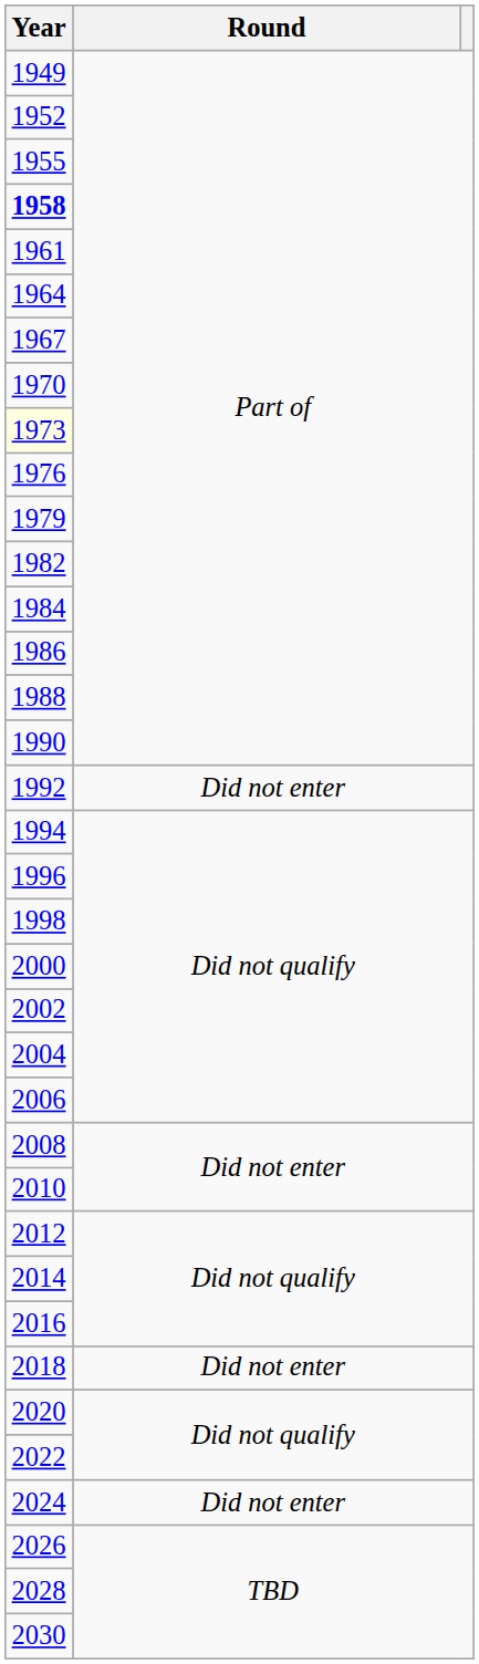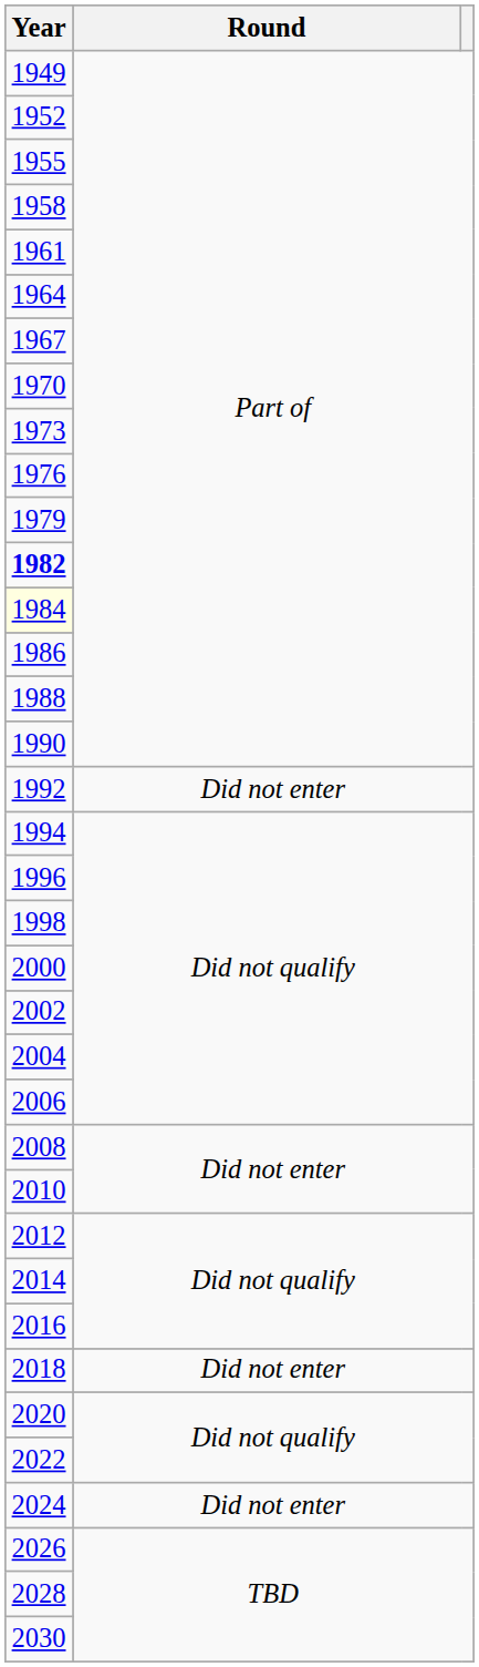 <table class="wikitable" style="text-align: center; font-size:90%">
 <tr>
 <th>Year</th>
 <th style="width:200px">Round</th>
 <th></th>
 </tr>
 <tr>
 <td><a href='#'>1949</a></td>
 <td colspan="2" rowspan="16"><em>Part of </em></td>
 </tr>
 <tr>
 <td><a href='#'>1952</a></td>
 </tr>
 <tr>
 <td><a href='#'>1955</a></td>
 </tr>
 <tr>
-<td><strong><a href='#'>1958</a></strong></td>
+<td><a href='#'>1958</a></td>
 </tr>
 <tr>
 <td><a href='#'>1961</a></td>
 </tr>
 <tr>
 <td><a href='#'>1964</a></td>
 </tr>
 <tr>
 <td><a href='#'>1967</a></td>
 </tr>
 <tr>
 <td><a href='#'>1970</a></td>
 </tr>
 <tr>
-<td style="background: lightyellow;"><a href='#'>1973</a></td>
+<td><a href='#'>1973</a></td>
 </tr>
 <tr>
 <td><a href='#'>1976</a></td>
 </tr>
 <tr>
 <td><a href='#'>1979</a></td>
 </tr>
 <tr>
-<td><a href='#'>1982</a></td>
+<td><strong><a href='#'>1982</a></strong></td>
 </tr>
 <tr>
-<td><a href='#'>1984</a></td>
+<td style="background: lightyellow;"><a href='#'>1984</a></td>
 </tr>
 <tr>
 <td><a href='#'>1986</a></td>
 </tr>
 <tr>
 <td><a href='#'>1988</a></td>
 </tr>
 <tr>
 <td><a href='#'>1990</a></td>
 </tr>
 <tr>
 <td><a href='#'>1992</a></td>
 <td colspan="2"><em>Did not enter</em></td>
 </tr>
 <tr>
 <td><a href='#'>1994</a></td>
 <td colspan="2" rowspan="7"><em>Did not qualify</em></td>
 </tr>
 <tr>
 <td><a href='#'>1996</a></td>
 </tr>
 <tr>
 <td><a href='#'>1998</a></td>
 </tr>
 <tr>
 <td><a href='#'>2000</a></td>
 </tr>
 <tr>
 <td><a href='#'>2002</a></td>
 </tr>
 <tr>
 <td><a href='#'>2004</a></td>
 </tr>
 <tr>
 <td><a href='#'>2006</a></td>
 </tr>
 <tr>
 <td><a href='#'>2008</a></td>
 <td colspan="2" rowspan="2"><em>Did not enter</em></td>
 </tr>
 <tr>
 <td><a href='#'>2010</a></td>
 </tr>
 <tr>
 <td><a href='#'>2012</a></td>
 <td colspan="2" rowspan="3"><em>Did not qualify</em></td>
 </tr>
 <tr>
 <td><a href='#'>2014</a></td>
 </tr>
 <tr>
 <td><a href='#'>2016</a></td>
 </tr>
 <tr>
 <td><a href='#'>2018</a></td>
 <td colspan="2"><em>Did not enter</em></td>
 </tr>
 <tr>
 <td><a href='#'>2020</a></td>
 <td colspan="2" rowspan="2"><em>Did not qualify</em></td>
 </tr>
 <tr>
 <td><a href='#'>2022</a></td>
 </tr>
 <tr>
 <td><a href='#'>2024</a></td>
 <td colspan="2"><em>Did not enter</em></td>
 </tr>
 <tr>
 <td><a href='#'>2026</a></td>
 <td colspan="2" rowspan="3"><em>TBD</em></td>
 </tr>
 <tr>
 <td><a href='#'>2028</a></td>
 </tr>
 <tr>
 <td><a href='#'>2030</a></td>
 </tr>
 </table>
